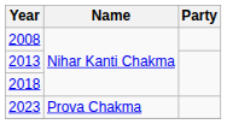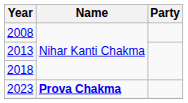 <table class="wikitable sortable">
 <tr>
 <th>Year</th>
 <th>Name</th>
 <th colspan=2>Party</th>
 </tr>
 <tr>
 <td><a href='#'>2008</a></td>
 <td rowspan=3><a href='#'>Nihar Kanti Chakma</a></td>
 <td></td>
 </tr>
 <tr>
 <td><a href='#'>2013</a></td>
 </tr>
 <tr>
 <td><a href='#'>2018</a></td>
 </tr>
 <tr>
 <td><a href='#'>2023</a></td>
-<td><a href='#'>Prova Chakma</a></td>
+<td><strong><a href='#'>Prova Chakma</a></strong></td>
 <td></td>
 </tr>
 <tr>
 </tr>
 </table>
